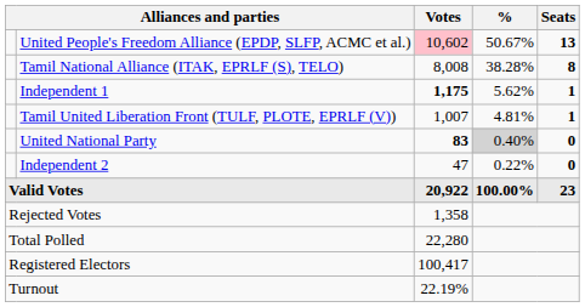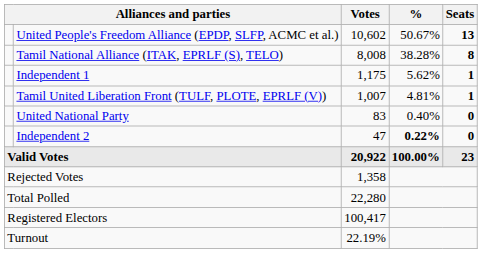 <table class="wikitable" border="1" style="text-align:right;">
 <tr>
 <th valign=bottom align=left colspan=2>Alliances and parties</th>
 <th valign=bottom align=center>Votes</th>
 <th valign=bottom align=center>%</th>
 <th valign=bottom align=center>Seats</th>
 </tr>
 <tr>
 <td style="background-color:"> </td>
 <td style="text-align:left;"><a href='#'>United People's Freedom Alliance</a> (<a href='#'>EPDP</a>, <a href='#'>SLFP</a>, ACMC et al.)</td>
-<td style="background: pink;">10,602</td>
+<td>10,602</td>
 <td>50.67%</td>
 <td><strong>13</strong></td>
 </tr>
 <tr>
 <td style="background-color:"> </td>
 <td style="text-align:left;"><a href='#'>Tamil National Alliance</a> (<a href='#'>ITAK</a>, <a href='#'>EPRLF (S)</a>, <a href='#'>TELO</a>)</td>
 <td>8,008</td>
 <td>38.28%</td>
 <td><strong>8</strong></td>
 </tr>
 <tr>
 <td style="background-color:"> </td>
 <td style="text-align:left;"><a href='#'>Independent 1</a></td>
-<td><strong>1,175</strong></td>
+<td>1,175</td>
 <td>5.62%</td>
 <td><strong>1</strong></td>
 </tr>
 <tr>
 <td style="background-color:"> </td>
 <td style="text-align:left;"><a href='#'>Tamil United Liberation Front</a> (<a href='#'>TULF</a>, <a href='#'>PLOTE</a>, <a href='#'>EPRLF (V)</a>)</td>
 <td>1,007</td>
 <td>4.81%</td>
 <td><strong>1</strong></td>
 </tr>
 <tr>
 <td style="background-color:"> </td>
 <td style="text-align:left;"><a href='#'>United National Party</a></td>
-<td><strong>83</strong></td>
-<td style="background: lightgrey;">0.40%</td>
+<td>83</td>
+<td>0.40%</td>
 <td><strong>0</strong></td>
 </tr>
 <tr>
 <td style="background-color:"> </td>
 <td style="text-align:left;"><a href='#'>Independent 2</a></td>
 <td>47</td>
-<td>0.22%</td>
+<td><strong>0.22%</strong></td>
 <td><strong>0</strong></td>
 </tr>
 <tr style="background-color:#E9E9E9; font-weight:bold">
 <td colspan=2 style="text-align:left;">Valid Votes</td>
 <td>20,922</td>
 <td>100.00%</td>
 <td>23</td>
 </tr>
 <tr>
 <td colspan=2 style="text-align:left;">Rejected Votes</td>
 <td>1,358</td>
 <td colspan=2></td>
 </tr>
 <tr>
 <td colspan=2 style="text-align:left;">Total Polled</td>
 <td>22,280</td>
 <td colspan=2></td>
 </tr>
 <tr>
 <td colspan=2 style="text-align:left;">Registered Electors</td>
 <td>100,417</td>
 <td colspan=2></td>
 </tr>
 <tr>
 <td colspan=2 style="text-align:left;">Turnout</td>
 <td>22.19%</td>
 <td colspan=2></td>
 </tr>
 </table>
